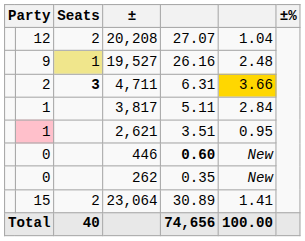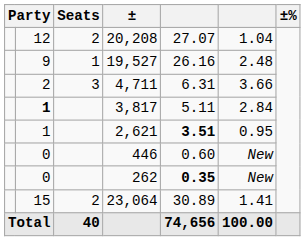 <table class=wikitable>
 <tr>
 <th colspan=2 align=center>Party</th>
 <th>Seats</th>
 <th>±</th>
 <th></th>
 <th></th>
 <th>±%</th>
 </tr>
 <tr>
 <td></td>
 <td align=right>12</td>
 <td align=right>2</td>
 <td align=right>20,208</td>
 <td align=right>27.07</td>
 <td align=right>1.04</td>
 </tr>
 <tr>
 <td></td>
 <td align=right>9</td>
-<td align=right style="background: khaki;">1</td>
+<td align=right>1</td>
 <td align=right>19,527</td>
 <td align=right>26.16</td>
 <td align=right>2.48</td>
 </tr>
 <tr>
 <td></td>
 <td align=right>2</td>
-<td align=right><strong>3</strong></td>
+<td align=right>3</td>
 <td align=right>4,711</td>
 <td align=right>6.31</td>
-<td align=right style="background: gold;">3.66</td>
+<td align=right>3.66</td>
 </tr>
 <tr>
 <td></td>
-<td align=right>1</td>
+<td align=right><strong>1</strong></td>
 <td align=right></td>
 <td align=right>3,817</td>
 <td align=right>5.11</td>
 <td align=right>2.84</td>
 </tr>
 <tr>
 <td></td>
-<td align=right style="background: pink;">1</td>
+<td align=right>1</td>
 <td align=right></td>
 <td align=right>2,621</td>
-<td align=right>3.51</td>
+<td align=right><strong>3.51</strong></td>
 <td align=right>0.95</td>
 </tr>
 <tr>
 <td></td>
 <td align=right>0</td>
 <td align=right></td>
 <td align=right>446</td>
-<td align=right><strong>0.60</strong></td>
+<td align=right>0.60</td>
 <td align=right><em>New</em></td>
 </tr>
 <tr>
 <td></td>
 <td align=right>0</td>
 <td align=right></td>
 <td align=right>262</td>
-<td align=right>0.35</td>
+<td align=right><strong>0.35</strong></td>
 <td align=right><em>New</em></td>
 </tr>
 <tr>
 <td></td>
 <td align=right>15</td>
 <td align=right>2</td>
 <td align=right>23,064</td>
 <td align=right>30.89</td>
 <td align=right>1.41</td>
 </tr>
 <tr style="font-weight:bold; background:rgb(232,232,232);">
 <td colspan=2 align=center>Total</td>
 <td align=right>40</td>
 <td align=right></td>
 <td align=right>74,656</td>
 <td align=center>100.00</td>
 <td align=right></td>
 </tr>
 </table>
